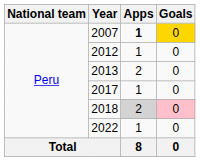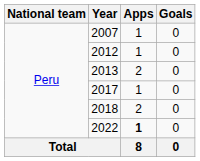 <table class="wikitable" style="text-align:center">
 <tr>
 <th>National team</th>
 <th>Year</th>
 <th>Apps</th>
 <th>Goals</th>
 </tr>
 <tr>
 <td rowspan="6"><a href='#'>Peru</a></td>
 <td>2007</td>
-<td><strong>1</strong></td>
-<td style="background: gold;">0</td>
+<td>1</td>
+<td>0</td>
 </tr>
 <tr>
 <td>2012</td>
 <td>1</td>
 <td>0</td>
 </tr>
 <tr>
 <td>2013</td>
 <td>2</td>
 <td>0</td>
 </tr>
 <tr>
 <td>2017</td>
 <td>1</td>
 <td>0</td>
 </tr>
 <tr>
 <td>2018</td>
-<td style="background: lightgrey;">2</td>
-<td style="background: pink;">0</td>
+<td>2</td>
+<td>0</td>
 </tr>
 <tr>
 <td>2022</td>
-<td>1</td>
+<td><strong>1</strong></td>
 <td>0</td>
 </tr>
 <tr>
 <th colspan="2">Total</th>
 <th>8</th>
 <th>0</th>
 </tr>
 </table>
